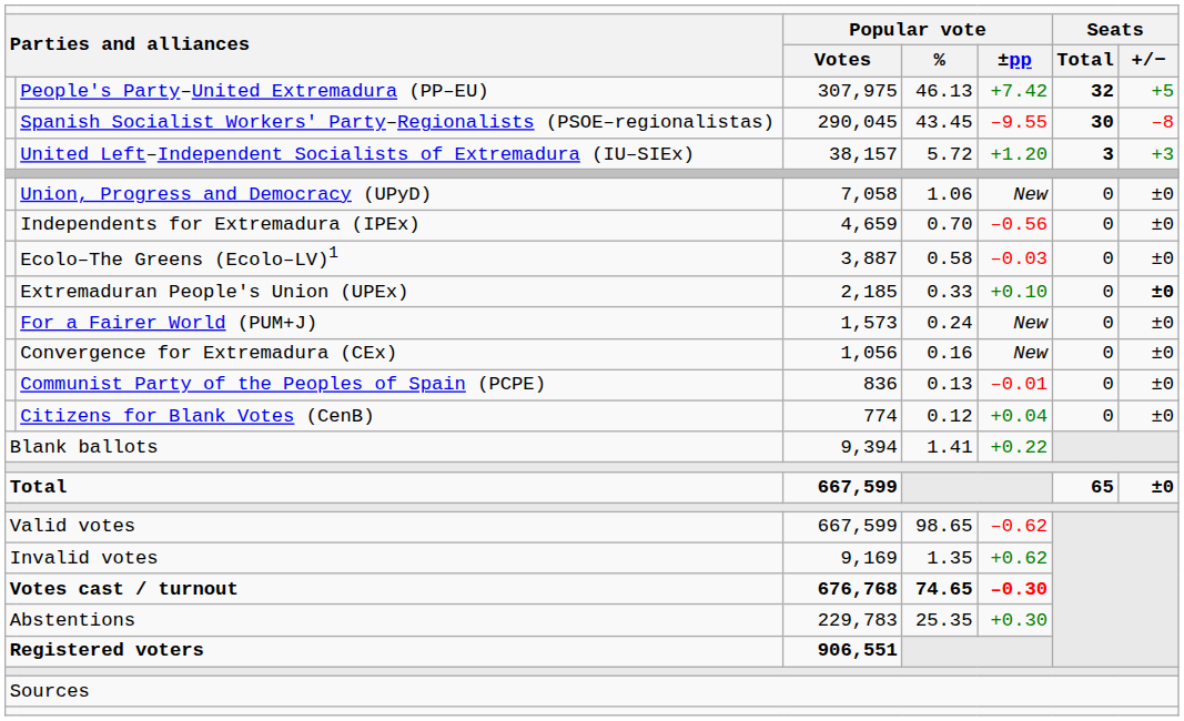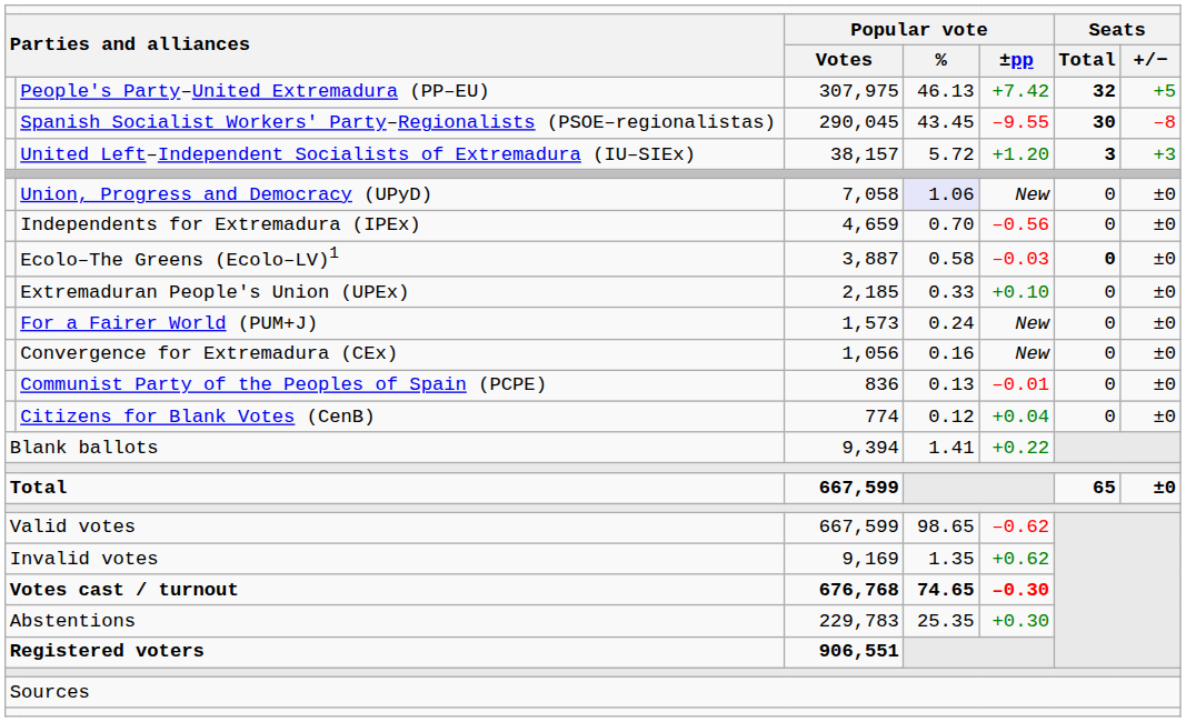 <table class="wikitable" style="text-align:right;">
 <tr>
 <td colspan="7"></td>
 </tr>
 <tr>
 <th style="text-align:left;" rowspan="2" colspan="2" width="525">Parties and alliances</th>
 <th colspan="3">Popular vote</th>
 <th colspan="2">Seats</th>
 </tr>
 <tr>
 <th width="75">Votes</th>
 <th width="45">%</th>
 <th width="45">±<a href='#'>pp</a></th>
 <th width="35">Total</th>
 <th width="35">+/−</th>
 </tr>
 <tr>
 <td width="1" style="color:inherit;background:"></td>
 <td align="left"><a href='#'>People's Party</a>–<a href='#'>United Extremadura</a> (PP–EU)</td>
 <td>307,975</td>
 <td>46.13</td>
 <td style="color:green;">+7.42</td>
 <td><strong>32</strong></td>
 <td style="color:green;">+5</td>
 </tr>
 <tr>
 <td style="color:inherit;background:"></td>
 <td align="left"><a href='#'>Spanish Socialist Workers' Party</a>–<a href='#'>Regionalists</a> (PSOE–regionalistas)</td>
 <td>290,045</td>
 <td>43.45</td>
 <td style="color:red;">–9.55</td>
 <td><strong>30</strong></td>
 <td style="color:red;">–8</td>
 </tr>
 <tr>
 <td style="color:inherit;background:"></td>
 <td align="left"><a href='#'>United Left</a>–<a href='#'>Independent Socialists of Extremadura</a> (IU–SIEx)</td>
 <td>38,157</td>
 <td>5.72</td>
 <td style="color:green;">+1.20</td>
 <td><strong>3</strong></td>
 <td style="color:green;">+3</td>
 </tr>
 <tr>
 <td colspan="7" bgcolor="#C0C0C0"></td>
 </tr>
 <tr>
 <td style="color:inherit;background:"></td>
 <td align="left"><a href='#'>Union, Progress and Democracy</a> (UPyD)</td>
 <td>7,058</td>
-<td>1.06</td>
+<td style="background: lavender;">1.06</td>
 <td><em>New</em></td>
 <td>0</td>
 <td>±0</td>
 </tr>
 <tr>
 <td style="color:inherit;background:"></td>
 <td align="left">Independents for Extremadura (IPEx)</td>
 <td>4,659</td>
 <td>0.70</td>
 <td style="color:red;">–0.56</td>
 <td>0</td>
 <td>±0</td>
 </tr>
 <tr>
 <td style="color:inherit;background:"></td>
 <td align="left">Ecolo–The Greens (Ecolo–LV)<sup>1</sup></td>
 <td>3,887</td>
 <td>0.58</td>
 <td style="color:red;">–0.03</td>
-<td>0</td>
+<td><strong>0</strong></td>
 <td>±0</td>
 </tr>
 <tr>
 <td style="color:inherit;background:"></td>
 <td align="left">Extremaduran People's Union (UPEx)</td>
 <td>2,185</td>
 <td>0.33</td>
 <td style="color:green;">+0.10</td>
 <td>0</td>
-<td><strong>±0</strong></td>
+<td>±0</td>
 </tr>
 <tr>
 <td style="color:inherit;background:"></td>
 <td align="left"><a href='#'>For a Fairer World</a> (PUM+J)</td>
 <td>1,573</td>
 <td>0.24</td>
 <td><em>New</em></td>
 <td>0</td>
 <td>±0</td>
 </tr>
 <tr>
 <td style="color:inherit;background:"></td>
 <td align="left">Convergence for Extremadura (CEx)</td>
 <td>1,056</td>
 <td>0.16</td>
 <td><em>New</em></td>
 <td>0</td>
 <td>±0</td>
 </tr>
 <tr>
 <td style="color:inherit;background:"></td>
 <td align="left"><a href='#'>Communist Party of the Peoples of Spain</a> (PCPE)</td>
 <td>836</td>
 <td>0.13</td>
 <td style="color:red;">–0.01</td>
 <td>0</td>
 <td>±0</td>
 </tr>
 <tr>
 <td style="color:inherit;background:"></td>
 <td align="left"><a href='#'>Citizens for Blank Votes</a> (CenB)</td>
 <td>774</td>
 <td>0.12</td>
 <td style="color:green;">+0.04</td>
 <td>0</td>
 <td>±0</td>
 </tr>
 <tr>
 <td align="left" colspan="2">Blank ballots</td>
 <td>9,394</td>
 <td>1.41</td>
 <td style="color:green;">+0.22</td>
 <td bgcolor="#E9E9E9" colspan="2"></td>
 </tr>
 <tr>
 <td colspan="7" bgcolor="#E9E9E9"></td>
 </tr>
 <tr style="font-weight:bold;">
 <td align="left" colspan="2">Total</td>
 <td>667,599</td>
 <td bgcolor="#E9E9E9" colspan="2"></td>
 <td>65</td>
 <td>±0</td>
 </tr>
 <tr>
 <td colspan="7" bgcolor="#E9E9E9"></td>
 </tr>
 <tr>
 <td align="left" colspan="2">Valid votes</td>
 <td>667,599</td>
 <td>98.65</td>
 <td style="color:red;">–0.62</td>
 <td bgcolor="#E9E9E9" colspan="2" rowspan="5"></td>
 </tr>
 <tr>
 <td align="left" colspan="2">Invalid votes</td>
 <td>9,169</td>
 <td>1.35</td>
 <td style="color:green;">+0.62</td>
 </tr>
 <tr style="font-weight:bold;">
 <td align="left" colspan="2">Votes cast / turnout</td>
 <td>676,768</td>
 <td>74.65</td>
 <td style="color:red;">–0.30</td>
 </tr>
 <tr>
 <td align="left" colspan="2">Abstentions</td>
 <td>229,783</td>
 <td>25.35</td>
 <td style="color:green;">+0.30</td>
 </tr>
 <tr style="font-weight:bold;">
 <td align="left" colspan="2">Registered voters</td>
 <td>906,551</td>
 <td bgcolor="#E9E9E9" colspan="2"></td>
 </tr>
 <tr>
 <td colspan="7" bgcolor="#E9E9E9"></td>
 </tr>
 <tr>
 <td align="left" colspan="7">Sources</td>
 </tr>
 <tr>
 <td colspan="7" style="text-align:left; max-width:790px;"></td>
 </tr>
 </table>
